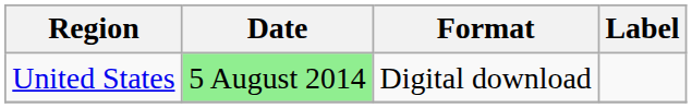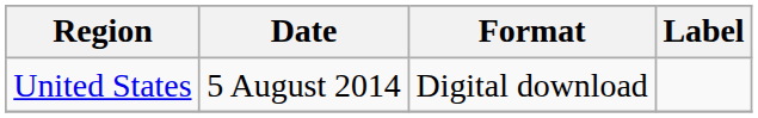 <table class=wikitable>
 <tr>
 <th>Region</th>
 <th>Date</th>
 <th>Format</th>
 <th>Label</th>
 </tr>
 <tr>
 <td><a href='#'>United States</a></td>
-<td style="background: lightgreen;">5 August 2014</td>
+<td>5 August 2014</td>
 <td>Digital download</td>
 <td></td>
 </tr>
 <tr>
 </tr>
 </table>
